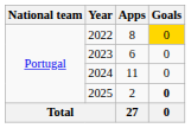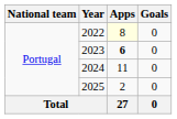 <table class="wikitable" style="text-align: center;">
 <tr>
 <th>National team</th>
 <th>Year</th>
 <th>Apps</th>
 <th>Goals</th>
 </tr>
 <tr>
 <td rowspan="4"><a href='#'>Portugal</a></td>
 <td>2022</td>
-<td>8</td>
-<td style="background: gold;">0</td>
+<td style="background: lightyellow;">8</td>
+<td>0</td>
 </tr>
 <tr>
 <td>2023</td>
-<td>6</td>
+<td><strong>6</strong></td>
 <td>0</td>
 </tr>
 <tr>
 <td>2024</td>
 <td>11</td>
 <td>0</td>
 </tr>
 <tr>
 <td>2025</td>
 <td>2</td>
-<td><strong>0</strong></td>
+<td>0</td>
 </tr>
 <tr>
 <th colspan="2">Total</th>
 <th>27</th>
 <th>0</th>
 </tr>
 </table>
